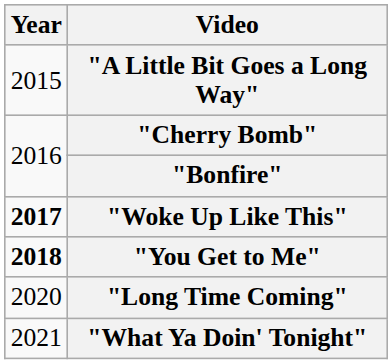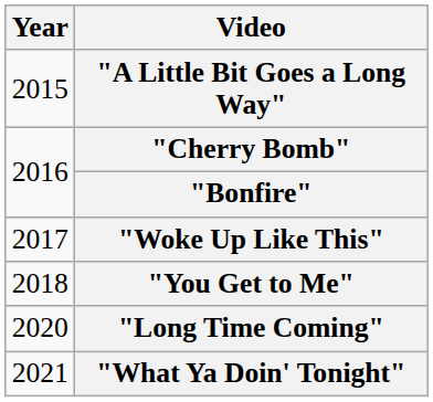 <table class="wikitable plainrowheaders">
 <tr>
 <th>Year</th>
 <th style="width:12em;">Video</th>
 </tr>
 <tr>
 <td>2015</td>
 <th scope="row">"A Little Bit Goes a Long Way"</th>
 </tr>
 <tr>
 <td rowspan="2">2016</td>
 <th scope="row">"Cherry Bomb"</th>
 </tr>
 <tr>
 <th scope="row">"Bonfire"</th>
 </tr>
 <tr>
-<td><strong>2017</strong></td>
+<td>2017</td>
 <th scope="row">"Woke Up Like This"</th>
 </tr>
 <tr>
-<td><strong>2018</strong></td>
+<td>2018</td>
 <th scope="row">"You Get to Me"</th>
 </tr>
 <tr>
 <td>2020</td>
 <th scope="row">"Long Time Coming"</th>
 </tr>
 <tr>
 <td>2021</td>
 <th scope="row">"What Ya Doin' Tonight"</th>
 </tr>
 </table>
